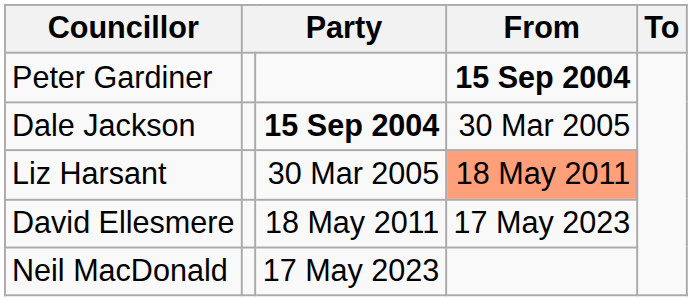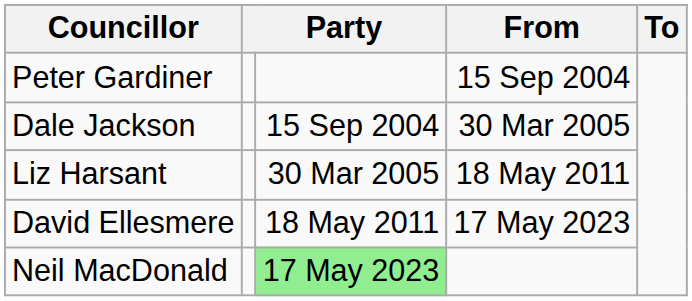 <table class=wikitable>
 <tr>
 <th>Councillor</th>
 <th colspan=2>Party</th>
 <th>From</th>
 <th>To</th>
 </tr>
 <tr>
 <td>Peter Gardiner</td>
 <td></td>
 <td></td>
-<td align=right><strong>15 Sep 2004</strong></td>
+<td align=right>15 Sep 2004</td>
 </tr>
 <tr>
 <td>Dale Jackson</td>
 <td></td>
-<td align=right><strong>15 Sep 2004</strong></td>
+<td align=right>15 Sep 2004</td>
 <td align=right>30 Mar 2005</td>
 </tr>
 <tr>
 <td>Liz Harsant</td>
 <td></td>
 <td align=right>30 Mar 2005</td>
-<td align=right style="background: lightsalmon;">18 May 2011</td>
+<td align=right>18 May 2011</td>
 </tr>
 <tr>
 <td>David Ellesmere</td>
 <td></td>
 <td align=right>18 May 2011</td>
 <td align=right>17 May 2023</td>
 </tr>
 <tr>
 <td>Neil MacDonald</td>
 <td></td>
-<td align=right>17 May 2023</td>
+<td align=right style="background: lightgreen;">17 May 2023</td>
 <td align=right></td>
 </tr>
 </table>
